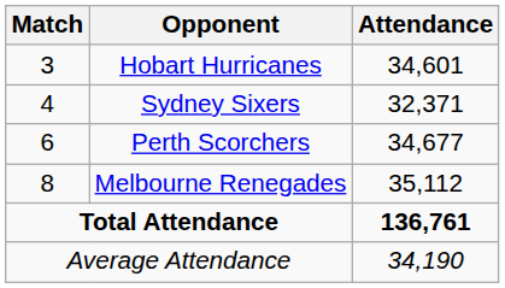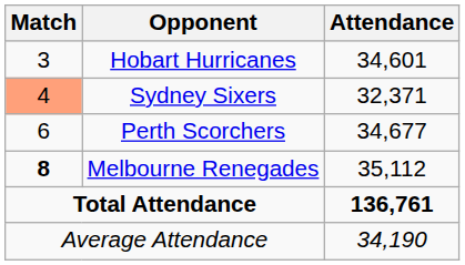 <table class="wikitable sortable" style="text-align:center;">
 <tr>
 <th>Match</th>
 <th>Opponent</th>
 <th>Attendance</th>
 </tr>
 <tr>
 <td>3</td>
 <td><a href='#'>Hobart Hurricanes</a></td>
 <td>34,601</td>
 </tr>
 <tr>
-<td>4</td>
+<td style="background: lightsalmon;">4</td>
 <td><a href='#'>Sydney Sixers</a></td>
 <td>32,371</td>
 </tr>
 <tr>
 <td>6</td>
 <td><a href='#'>Perth Scorchers</a></td>
 <td>34,677</td>
 </tr>
 <tr>
-<td>8</td>
+<td><strong>8</strong></td>
 <td><a href='#'>Melbourne Renegades</a></td>
 <td>35,112</td>
 </tr>
 <tr class="sortbottom">
 <td colspan="2"><strong>Total Attendance</strong></td>
 <td><strong>136,761</strong></td>
 </tr>
 <tr class="sortbottom">
 <td colspan="2"><em>Average Attendance</em></td>
 <td><em>34,190</em></td>
 </tr>
 </table>
